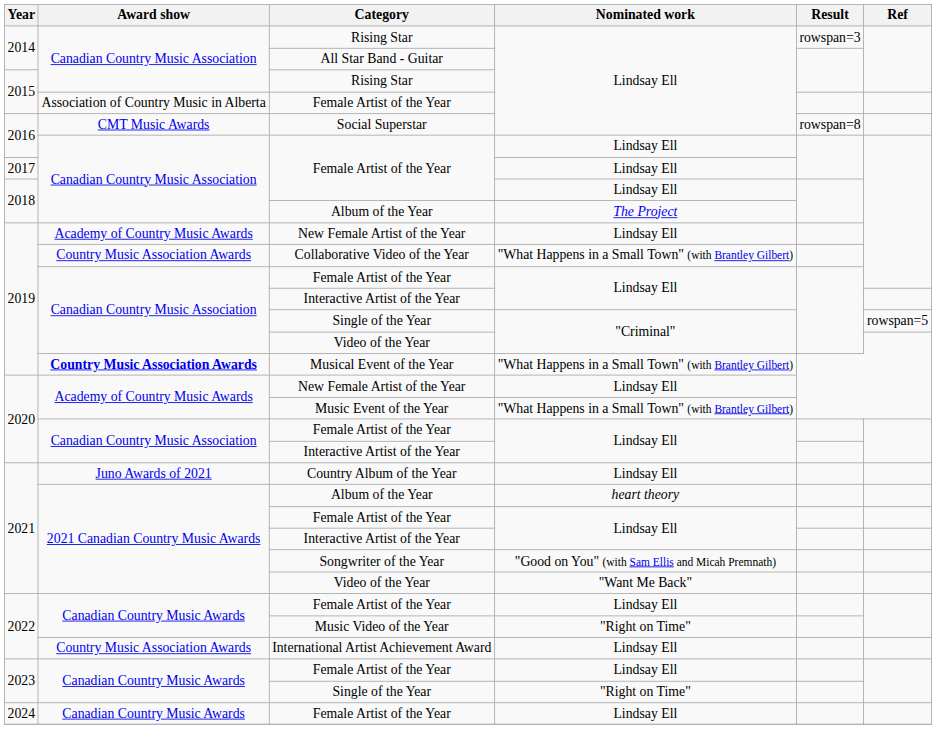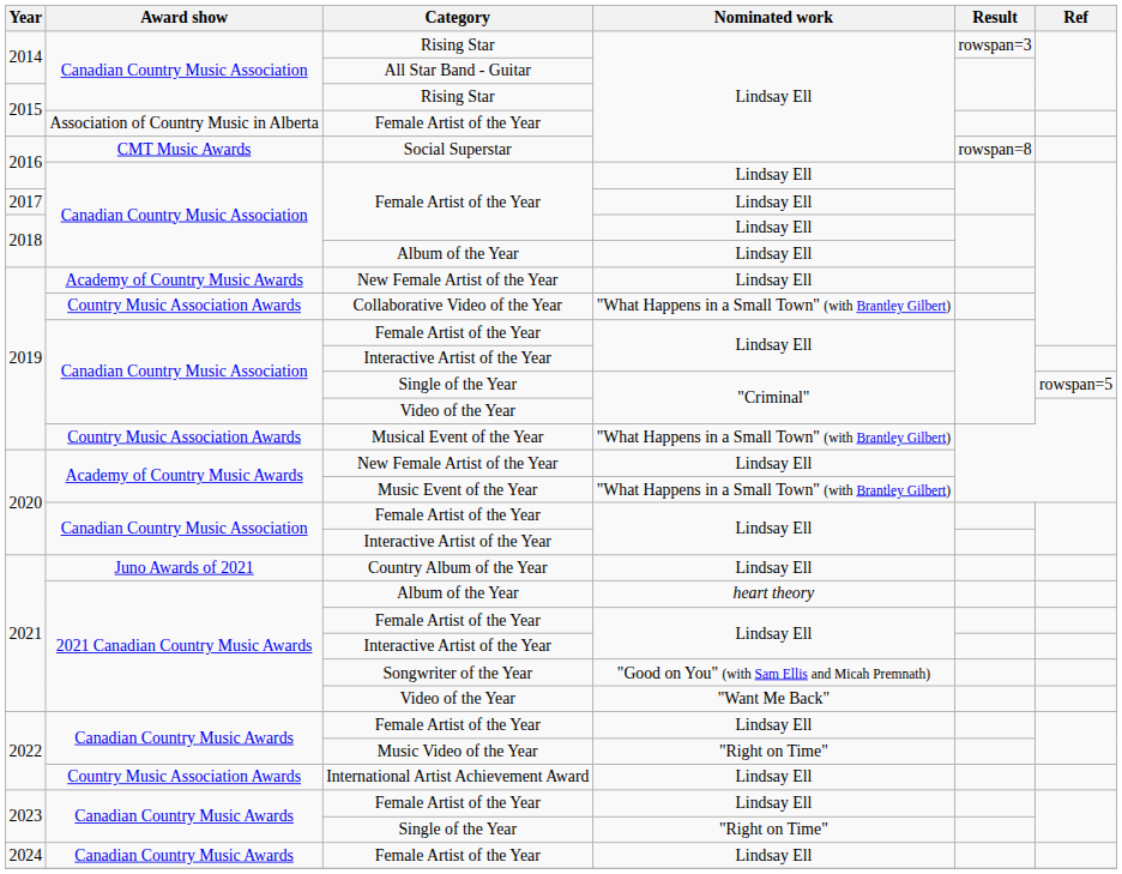 <table class="wikitable" style="text-align:center;">
 <tr>
 <th>Year</th>
 <th>Award show</th>
 <th>Category</th>
 <th>Nominated work</th>
 <th>Result</th>
 <th>Ref</th>
 </tr>
 <tr>
 <td rowspan="2">2014</td>
 <td rowspan="3"><a href='#'>Canadian Country Music Association</a></td>
 <td>Rising Star</td>
 <td rowspan=5>Lindsay Ell</td>
 <td>rowspan=3 </td>
 <td rowspan=3></td>
 </tr>
 <tr>
 <td>All Star Band - Guitar</td>
 </tr>
 <tr>
 <td rowspan=2>2015</td>
 <td>Rising Star</td>
 </tr>
 <tr>
 <td>Association of Country Music in Alberta</td>
 <td>Female Artist of the Year</td>
 <td></td>
 <td></td>
 </tr>
 <tr>
 <td rowspan="2">2016</td>
 <td rowspan="1"><a href='#'>CMT Music Awards</a></td>
 <td>Social Superstar</td>
 <td>rowspan=8 </td>
 <td></td>
 </tr>
 <tr>
 <td rowspan="4"><a href='#'>Canadian Country Music Association</a></td>
 <td rowspan="3">Female Artist of the Year</td>
 <td>Lindsay Ell</td>
 <td rowspan=2></td>
 </tr>
 <tr>
 <td>2017</td>
 <td>Lindsay Ell</td>
 </tr>
 <tr>
 <td rowspan="2">2018</td>
 <td>Lindsay Ell</td>
 <td rowspan=2></td>
 </tr>
 <tr>
 <td>Album of the Year</td>
-<td><em><a href='#'>The Project</a></em></td>
+<td>Lindsay Ell</td>
 </tr>
 <tr>
 <td rowspan=7>2019</td>
 <td><a href='#'>Academy of Country Music Awards</a></td>
 <td>New Female Artist of the Year</td>
 <td>Lindsay Ell</td>
 <td></td>
 </tr>
 <tr>
 <td><a href='#'>Country Music Association Awards</a></td>
 <td>Collaborative Video of the Year</td>
 <td>"What Happens in a Small Town" <small>(with <a href='#'>Brantley Gilbert</a>)</small></td>
 <td></td>
 </tr>
 <tr>
 <td rowspan=4><a href='#'>Canadian Country Music Association</a></td>
 <td>Female Artist of the Year</td>
 <td rowspan=2>Lindsay Ell</td>
 <td rowspan=4></td>
 </tr>
 <tr>
 <td>Interactive Artist of the Year</td>
 <td></td>
 </tr>
 <tr>
 <td>Single of the Year</td>
 <td rowspan=2>"Criminal"</td>
 <td>rowspan=5 </td>
 </tr>
 <tr>
 <td>Video of the Year</td>
 </tr>
 <tr>
-<td><strong><a href='#'>Country Music Association Awards</a></strong></td>
+<td><a href='#'>Country Music Association Awards</a></td>
 <td>Musical Event of the Year</td>
 <td>"What Happens in a Small Town" <small>(with <a href='#'>Brantley Gilbert</a>)</small></td>
 </tr>
 <tr>
 <td rowspan=4>2020</td>
 <td rowspan=2><a href='#'>Academy of Country Music Awards</a></td>
 <td>New Female Artist of the Year</td>
 <td>Lindsay Ell</td>
 </tr>
 <tr>
 <td>Music Event of the Year</td>
 <td>"What Happens in a Small Town" <small>(with <a href='#'>Brantley Gilbert</a>)</small></td>
 </tr>
 <tr>
 <td rowspan=2><a href='#'>Canadian Country Music Association</a></td>
 <td>Female Artist of the Year</td>
 <td rowspan=2>Lindsay Ell</td>
 <td></td>
 <td rowspan=2></td>
 </tr>
 <tr>
 <td>Interactive Artist of the Year</td>
 <td></td>
 </tr>
 <tr>
 <td rowspan="6">2021</td>
 <td><a href='#'>Juno Awards of 2021</a></td>
 <td>Country Album of the Year</td>
 <td>Lindsay Ell</td>
 <td></td>
 <td></td>
 </tr>
 <tr>
 <td rowspan=5><a href='#'>2021 Canadian Country Music Awards</a></td>
 <td>Album of the Year</td>
 <td><em>heart theory</em></td>
 <td></td>
 <td></td>
 </tr>
 <tr>
 <td>Female Artist of the Year</td>
 <td rowspan=2>Lindsay Ell</td>
 <td></td>
 <td></td>
 </tr>
 <tr>
 <td>Interactive Artist of the Year</td>
 <td></td>
 <td></td>
 </tr>
 <tr>
 <td>Songwriter of the Year</td>
 <td>"Good on You" <small>(with <a href='#'>Sam Ellis</a> and Micah Premnath)</small></td>
 <td></td>
 <td></td>
 </tr>
 <tr>
 <td>Video of the Year</td>
 <td>"Want Me Back"</td>
 <td></td>
 <td></td>
 </tr>
 <tr>
 <td rowspan=3>2022</td>
 <td rowspan=2><a href='#'>Canadian Country Music Awards</a></td>
 <td>Female Artist of the Year</td>
 <td>Lindsay Ell</td>
 <td></td>
 <td rowspan=2></td>
 </tr>
 <tr>
 <td>Music Video of the Year</td>
 <td>"Right on Time"</td>
 <td></td>
 </tr>
 <tr>
 <td><a href='#'>Country Music Association Awards</a></td>
 <td>International Artist Achievement Award</td>
 <td>Lindsay Ell</td>
 <td></td>
 <td></td>
 </tr>
 <tr>
 <td rowspan="2">2023</td>
 <td rowspan="2"><a href='#'>Canadian Country Music Awards</a></td>
 <td>Female Artist of the Year</td>
 <td>Lindsay Ell</td>
 <td></td>
 <td rowspan="2"><br></td>
 </tr>
 <tr>
 <td>Single of the Year</td>
 <td>"Right on Time"</td>
 <td></td>
 </tr>
 <tr>
 <td>2024</td>
 <td><a href='#'>Canadian Country Music Awards</a></td>
 <td>Female Artist of the Year</td>
 <td>Lindsay Ell</td>
 <td></td>
 <td></td>
 </tr>
 <tr>
 </tr>
 </table>
